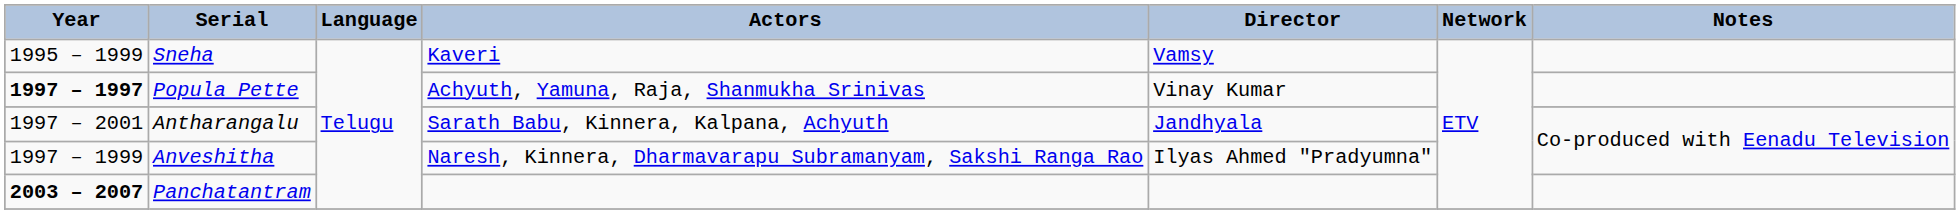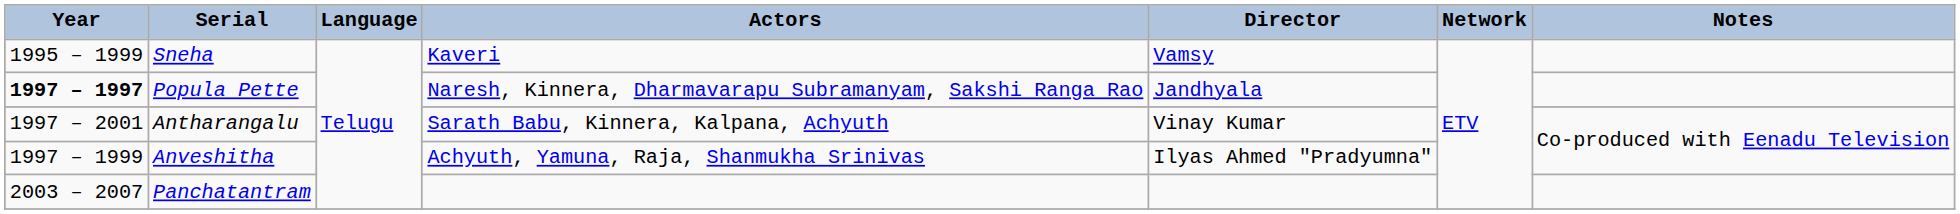 <table class="wikitable" style="font-size:90%">
 <tr style="text-align:center;">
 <th style="text-align:center; background:#b0c4de;">Year</th>
 <th style="text-align:center; background:#b0c4de;">Serial</th>
 <th style="text-align:center; background:#b0c4de;">Language</th>
 <th style="text-align:center; background:#b0c4de;">Actors</th>
 <th style="text-align:center; background:#b0c4de;">Director</th>
 <th style="text-align:center; background:#b0c4de;">Network</th>
 <th style="text-align:center; background:#b0c4de;">Notes</th>
 </tr>
 <tr>
 <td>1995 – 1999</td>
 <td><a href='#'><em>Sneha</em></a></td>
 <td rowspan="5"><a href='#'>Telugu</a></td>
 <td><a href='#'>Kaveri</a></td>
 <td><a href='#'>Vamsy</a></td>
 <td rowspan="5"><a href='#'>ETV</a></td>
 <td></td>
 </tr>
 <tr>
 <td><strong>1997 – 1997</strong></td>
 <td><em><a href='#'>Popula Pette</a></em></td>
-<td><a href='#'>Achyuth</a>, <a href='#'>Yamuna</a>, Raja, <a href='#'>Shanmukha Srinivas</a></td>
-<td>Vinay Kumar</td>
+<td><a href='#'>Naresh</a>, Kinnera, <a href='#'>Dharmavarapu Subramanyam</a>, <a href='#'>Sakshi Ranga Rao</a></td>
+<td><a href='#'>Jandhyala</a></td>
 <td></td>
 </tr>
 <tr>
 <td>1997 – 2001</td>
 <td><em>Antharangalu</em></td>
 <td><a href='#'>Sarath Babu</a>, Kinnera, Kalpana, <a href='#'>Achyuth</a></td>
-<td><a href='#'>Jandhyala</a></td>
+<td>Vinay Kumar</td>
 <td rowspan="2">Co-produced with <a href='#'>Eenadu Television</a></td>
 </tr>
 <tr>
 <td>1997 – 1999</td>
 <td><em><a href='#'>Anveshitha</a></em></td>
-<td><a href='#'>Naresh</a>, Kinnera, <a href='#'>Dharmavarapu Subramanyam</a>, <a href='#'>Sakshi Ranga Rao</a></td>
+<td><a href='#'>Achyuth</a>, <a href='#'>Yamuna</a>, Raja, <a href='#'>Shanmukha Srinivas</a></td>
 <td>Ilyas Ahmed "Pradyumna"</td>
 </tr>
 <tr>
-<td><strong>2003 – 2007</strong></td>
+<td>2003 – 2007</td>
 <td><em><a href='#'>Panchatantram</a></em></td>
 <td></td>
 <td></td>
 <td></td>
 </tr>
 </table>
